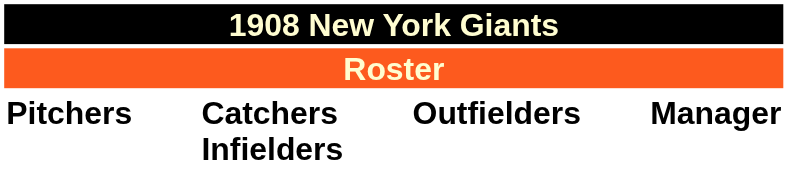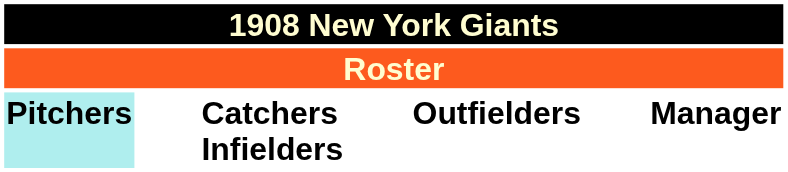 <table class="toccolours" style="font-size: 95%;">
 <tr>
 <th colspan="10" style="background-color: black; color: #FFFDD0; text-align: center;">1908 New York Giants</th>
 </tr>
 <tr>
 <td colspan="10" style="background-color: #fd5a1e; color: #FFFDD0; text-align: center;"><strong>Roster</strong></td>
 </tr>
 <tr>
-<td valign="top"><strong>Pitchers</strong><br>         </td>
+<td valign="top" style="background: paleturquoise;"><strong>Pitchers</strong><br>         </td>
 <td width="25px"></td>
 <td valign="top"><strong>Catchers</strong><br>    <strong>Infielders</strong>        </td>
 <td width="25px"></td>
 <td valign="top"><strong>Outfielders</strong><br>       </td>
 <td width="25px"></td>
 <td valign="top"><strong>Manager</strong><br></td>
 </tr>
 </table>
